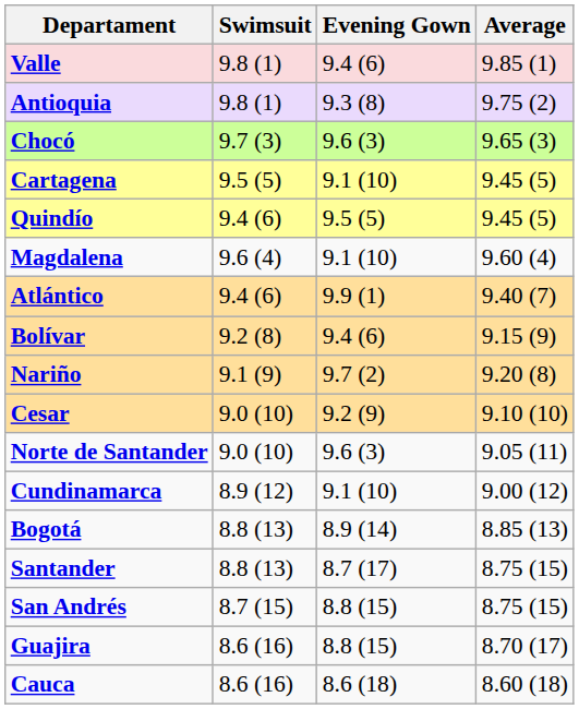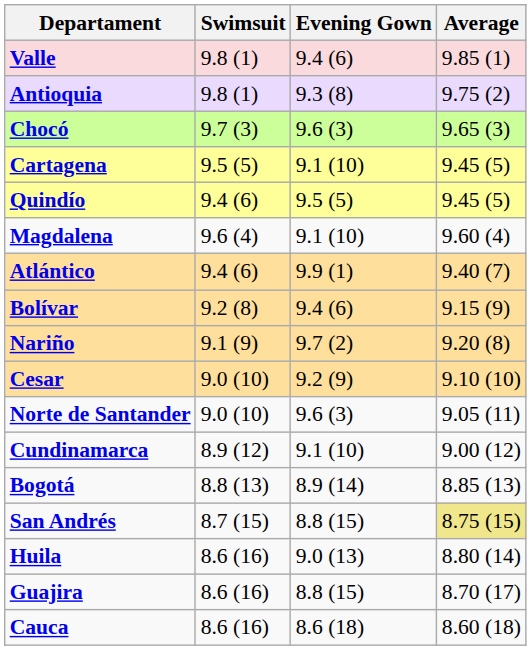 <table class="wikitable sortable" style="font-size: 95%;">
 <tr>
 <th>Departament</th>
 <th>Swimsuit</th>
 <th>Evening Gown</th>
 <th>Average</th>
 </tr>
 <tr style="background-color:#FADADD">
 <td><strong> <a href='#'>Valle</a></strong></td>
 <td>9.8 (1)</td>
 <td>9.4 (6)</td>
 <td>9.85 (1)</td>
 </tr>
 <tr style="background-color:#eadafd">
 <td><strong> <a href='#'>Antioquia</a></strong></td>
 <td>9.8 (1)</td>
 <td>9.3 (8)</td>
 <td>9.75 (2)</td>
 </tr>
 <tr style="background-color:#ccff99">
 <td><strong> <a href='#'>Chocó</a></strong></td>
 <td>9.7 (3)</td>
 <td>9.6 (3)</td>
 <td>9.65 (3)</td>
 </tr>
 <tr style="background-color:#ffff99">
 <td><strong> <a href='#'>Cartagena</a></strong></td>
 <td>9.5 (5)</td>
 <td>9.1 (10)</td>
 <td>9.45 (5)</td>
 </tr>
 <tr style="background-color:#ffff99">
 <td><strong> <a href='#'>Quindío</a></strong></td>
 <td>9.4 (6)</td>
 <td>9.5 (5)</td>
 <td>9.45 (5)</td>
 </tr>
 <tr -style="background-color:#ffdf9b;">
 <td><strong> <a href='#'>Magdalena</a></strong></td>
 <td>9.6 (4)</td>
 <td>9.1 (10)</td>
 <td>9.60 (4)</td>
 </tr>
 <tr style="background-color:#ffdf9b;">
 <td><strong> <a href='#'>Atlántico</a></strong></td>
 <td>9.4 (6)</td>
 <td>9.9 (1)</td>
 <td>9.40 (7)</td>
 </tr>
 <tr style="background-color:#ffdf9b;">
 <td><strong> <a href='#'>Bolívar</a></strong></td>
 <td>9.2 (8)</td>
 <td>9.4 (6)</td>
 <td>9.15 (9)</td>
 </tr>
 <tr style="background-color:#ffdf9b;">
 <td><strong> <a href='#'>Nariño</a></strong></td>
 <td>9.1 (9)</td>
 <td>9.7 (2)</td>
 <td>9.20 (8)</td>
 </tr>
 <tr style="background-color:#ffdf9b;">
 <td><strong> <a href='#'>Cesar</a></strong></td>
 <td>9.0 (10)</td>
 <td>9.2 (9)</td>
 <td>9.10 (10)</td>
 </tr>
 <tr>
 <td><strong> <a href='#'>Norte de Santander</a></strong></td>
 <td>9.0 (10)</td>
 <td>9.6 (3)</td>
 <td>9.05 (11)</td>
 </tr>
 <tr>
 <td><strong> <a href='#'>Cundinamarca</a></strong></td>
 <td>8.9 (12)</td>
 <td>9.1 (10)</td>
 <td>9.00 (12)</td>
 </tr>
 <tr>
 <td><strong> <a href='#'>Bogotá</a></strong></td>
 <td>8.8 (13)</td>
 <td>8.9 (14)</td>
 <td>8.85 (13)</td>
 </tr>
 <tr>
-<td><strong> <a href='#'>Santander</a></strong></td>
-<td>8.8 (13)</td>
-<td>8.7 (17)</td>
-<td>8.75 (15)</td>
-</tr>
-<tr>
 <td><strong> <a href='#'>San Andrés</a></strong></td>
 <td>8.7 (15)</td>
 <td>8.8 (15)</td>
-<td>8.75 (15)</td>
+<td style="background: khaki;">8.75 (15)</td>
+</tr>
+<tr>
+<td><strong> <a href='#'>Huila</a></strong></td>
+<td>8.6 (16)</td>
+<td>9.0 (13)</td>
+<td>8.80 (14)</td>
 </tr>
 <tr>
 <td><strong> <a href='#'>Guajira</a></strong></td>
 <td>8.6 (16)</td>
 <td>8.8 (15)</td>
 <td>8.70 (17)</td>
 </tr>
 <tr>
 <td><strong> <a href='#'>Cauca</a></strong></td>
 <td>8.6 (16)</td>
 <td>8.6 (18)</td>
 <td>8.60 (18)</td>
 </tr>
 </table>
